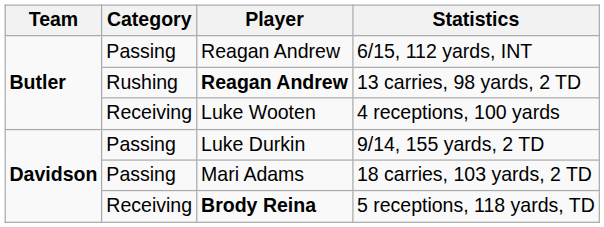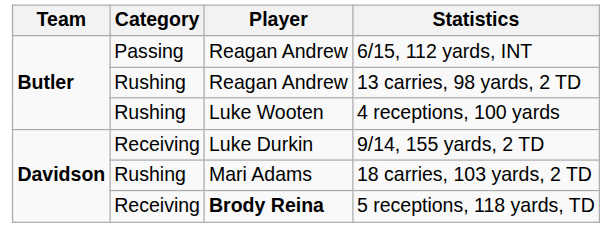 <table class="wikitable" style="float: right;">
 <tr>
 <th>Team</th>
 <th>Category</th>
 <th>Player</th>
 <th>Statistics</th>
 </tr>
 <tr>
 <td rowspan=3><strong>Butler</strong></td>
 <td>Passing</td>
 <td>Reagan Andrew</td>
 <td>6/15, 112 yards, INT</td>
 </tr>
 <tr>
 <td>Rushing</td>
-<td><strong>Reagan Andrew</strong></td>
+<td>Reagan Andrew</td>
 <td>13 carries, 98 yards, 2 TD</td>
 </tr>
 <tr>
-<td>Receiving</td>
+<td>Rushing</td>
 <td>Luke Wooten</td>
 <td>4 receptions, 100 yards</td>
 </tr>
 <tr>
 <td rowspan=3><strong>Davidson</strong></td>
-<td>Passing</td>
+<td>Receiving</td>
 <td>Luke Durkin</td>
 <td>9/14, 155 yards, 2 TD</td>
 </tr>
 <tr>
-<td>Passing</td>
+<td>Rushing</td>
 <td>Mari Adams</td>
 <td>18 carries, 103 yards, 2 TD</td>
 </tr>
 <tr>
 <td>Receiving</td>
 <td><strong>Brody Reina</strong></td>
 <td>5 receptions, 118 yards, TD</td>
 </tr>
 </table>
